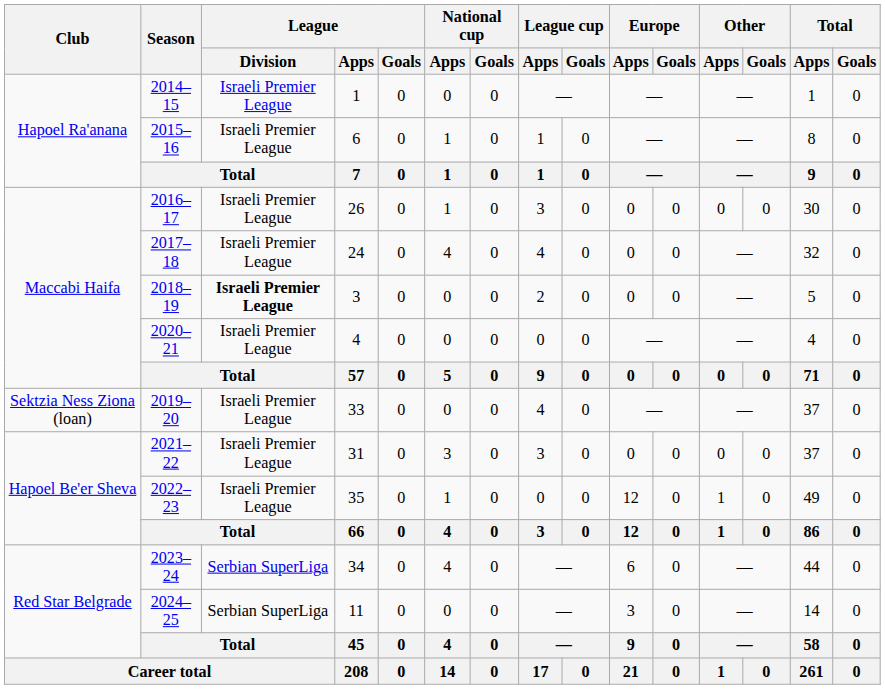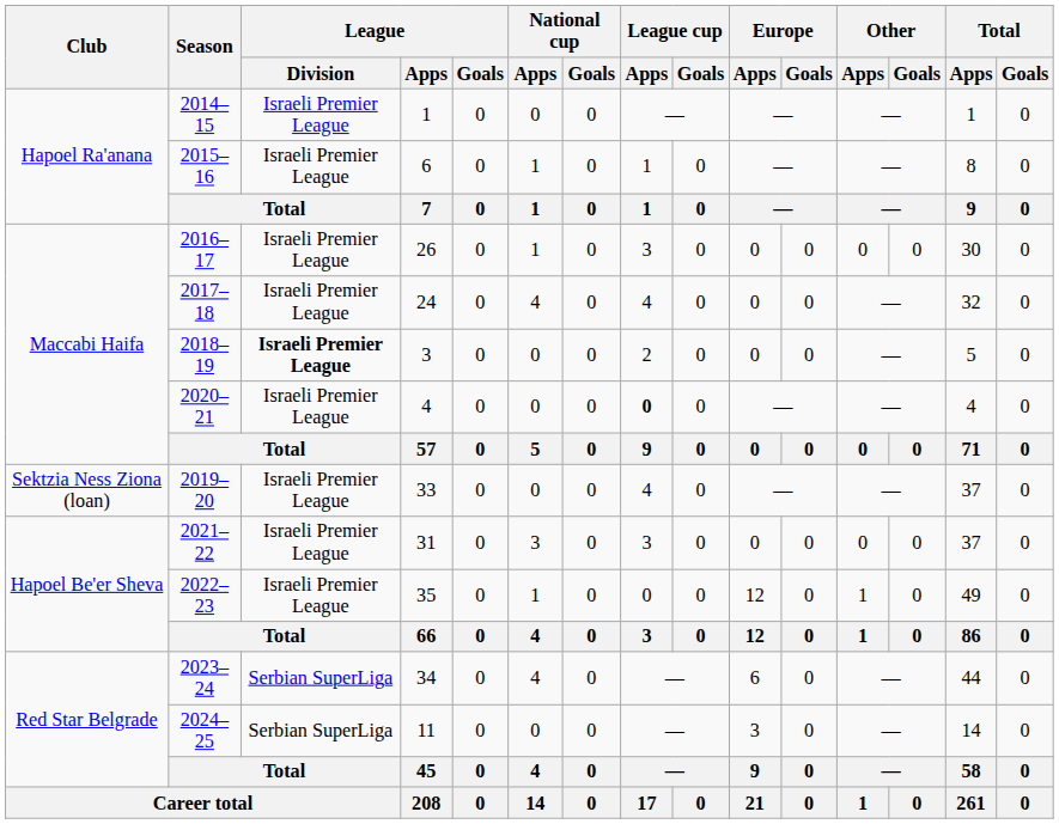 <table class="wikitable" style="text-align:center">
 <tr>
 <th rowspan="2">Club</th>
 <th rowspan="2">Season</th>
 <th colspan="3">League</th>
 <th colspan="2">National cup</th>
 <th colspan="2">League cup</th>
 <th colspan="2">Europe</th>
 <th colspan="2">Other</th>
 <th colspan="2">Total</th>
 </tr>
 <tr>
 <th>Division</th>
 <th>Apps</th>
 <th>Goals</th>
 <th>Apps</th>
 <th>Goals</th>
 <th>Apps</th>
 <th>Goals</th>
 <th>Apps</th>
 <th>Goals</th>
 <th>Apps</th>
 <th>Goals</th>
 <th>Apps</th>
 <th>Goals</th>
 </tr>
 <tr>
 <td rowspan="3"><a href='#'>Hapoel Ra'anana</a></td>
 <td><a href='#'>2014–15</a></td>
 <td><a href='#'>Israeli Premier League</a></td>
 <td>1</td>
 <td>0</td>
 <td>0</td>
 <td>0</td>
 <td colspan="2">—</td>
 <td colspan="2">—</td>
 <td colspan="2">—</td>
 <td>1</td>
 <td>0</td>
 </tr>
 <tr>
 <td><a href='#'>2015–16</a></td>
 <td>Israeli Premier League</td>
 <td>6</td>
 <td>0</td>
 <td>1</td>
 <td>0</td>
 <td>1</td>
 <td>0</td>
 <td colspan="2">—</td>
 <td colspan="2">—</td>
 <td>8</td>
 <td>0</td>
 </tr>
 <tr>
 <th colspan="2">Total</th>
 <th>7</th>
 <th>0</th>
 <th>1</th>
 <th>0</th>
 <th>1</th>
 <th>0</th>
 <th colspan="2">—</th>
 <th colspan="2">—</th>
 <th>9</th>
 <th>0</th>
 </tr>
 <tr>
 <td rowspan="5"><a href='#'>Maccabi Haifa</a></td>
 <td><a href='#'>2016–17</a></td>
 <td>Israeli Premier League</td>
 <td>26</td>
 <td>0</td>
 <td>1</td>
 <td>0</td>
 <td>3</td>
 <td>0</td>
 <td>0</td>
 <td>0</td>
 <td>0</td>
 <td>0</td>
 <td>30</td>
 <td>0</td>
 </tr>
 <tr>
 <td><a href='#'>2017–18</a></td>
 <td>Israeli Premier League</td>
 <td>24</td>
 <td>0</td>
 <td>4</td>
 <td>0</td>
 <td>4</td>
 <td>0</td>
 <td>0</td>
 <td>0</td>
 <td colspan="2">—</td>
 <td>32</td>
 <td>0</td>
 </tr>
 <tr>
 <td><a href='#'>2018–19</a></td>
 <td><strong>Israeli Premier League</strong></td>
 <td>3</td>
 <td>0</td>
 <td>0</td>
 <td>0</td>
 <td>2</td>
 <td>0</td>
 <td>0</td>
 <td>0</td>
 <td colspan="2">—</td>
 <td>5</td>
 <td>0</td>
 </tr>
 <tr>
 <td><a href='#'>2020–21</a></td>
 <td>Israeli Premier League</td>
 <td>4</td>
 <td>0</td>
 <td>0</td>
 <td>0</td>
-<td>0</td>
+<td><strong>0</strong></td>
 <td>0</td>
 <td colspan="2">—</td>
 <td colspan="2">—</td>
 <td>4</td>
 <td>0</td>
 </tr>
 <tr>
 <th colspan="2">Total</th>
 <th>57</th>
 <th>0</th>
 <th>5</th>
 <th>0</th>
 <th>9</th>
 <th>0</th>
 <th>0</th>
 <th>0</th>
 <th>0</th>
 <th>0</th>
 <th>71</th>
 <th>0</th>
 </tr>
 <tr>
 <td><a href='#'>Sektzia Ness Ziona</a> (loan)</td>
 <td><a href='#'>2019–20</a></td>
 <td>Israeli Premier League</td>
 <td>33</td>
 <td>0</td>
 <td>0</td>
 <td>0</td>
 <td>4</td>
 <td>0</td>
 <td colspan="2">—</td>
 <td colspan="2">—</td>
 <td>37</td>
 <td>0</td>
 </tr>
 <tr>
 <td rowspan="3"><a href='#'>Hapoel Be'er Sheva</a></td>
 <td><a href='#'>2021–22</a></td>
 <td>Israeli Premier League</td>
 <td>31</td>
 <td>0</td>
 <td>3</td>
 <td>0</td>
 <td>3</td>
 <td>0</td>
 <td>0</td>
 <td>0</td>
 <td>0</td>
 <td>0</td>
 <td>37</td>
 <td>0</td>
 </tr>
 <tr>
 <td><a href='#'>2022–23</a></td>
 <td>Israeli Premier League</td>
 <td>35</td>
 <td>0</td>
 <td>1</td>
 <td>0</td>
 <td>0</td>
 <td>0</td>
 <td>12</td>
 <td>0</td>
 <td>1</td>
 <td>0</td>
 <td>49</td>
 <td>0</td>
 </tr>
 <tr>
 <th colspan="2">Total</th>
 <th>66</th>
 <th>0</th>
 <th>4</th>
 <th>0</th>
 <th>3</th>
 <th>0</th>
 <th>12</th>
 <th>0</th>
 <th>1</th>
 <th>0</th>
 <th>86</th>
 <th>0</th>
 </tr>
 <tr>
 <td rowspan="3"><a href='#'>Red Star Belgrade</a></td>
 <td><a href='#'>2023–24</a></td>
 <td><a href='#'>Serbian SuperLiga</a></td>
 <td>34</td>
 <td>0</td>
 <td>4</td>
 <td>0</td>
 <td colspan="2">—</td>
 <td>6</td>
 <td>0</td>
 <td colspan="2">—</td>
 <td>44</td>
 <td>0</td>
 </tr>
 <tr>
 <td><a href='#'>2024–25</a></td>
 <td>Serbian SuperLiga</td>
 <td>11</td>
 <td>0</td>
 <td>0</td>
 <td>0</td>
 <td colspan="2">—</td>
 <td>3</td>
 <td>0</td>
 <td colspan="2">—</td>
 <td>14</td>
 <td>0</td>
 </tr>
 <tr>
 <th colspan="2">Total</th>
 <th>45</th>
 <th>0</th>
 <th>4</th>
 <th>0</th>
 <th colspan="2">—</th>
 <th>9</th>
 <th>0</th>
 <th colspan="2">—</th>
 <th>58</th>
 <th>0</th>
 </tr>
 <tr>
 <th colspan="3">Career total</th>
 <th>208</th>
 <th>0</th>
 <th>14</th>
 <th>0</th>
 <th>17</th>
 <th>0</th>
 <th>21</th>
 <th>0</th>
 <th>1</th>
 <th>0</th>
 <th>261</th>
 <th>0</th>
 </tr>
 </table>
